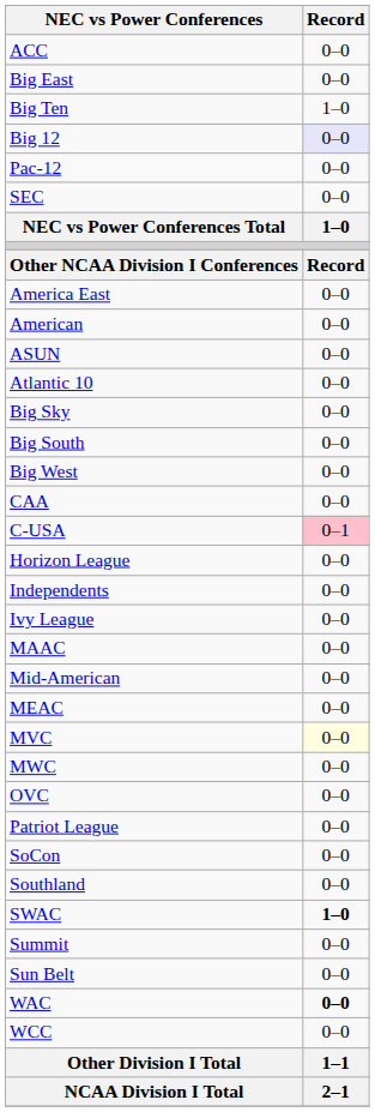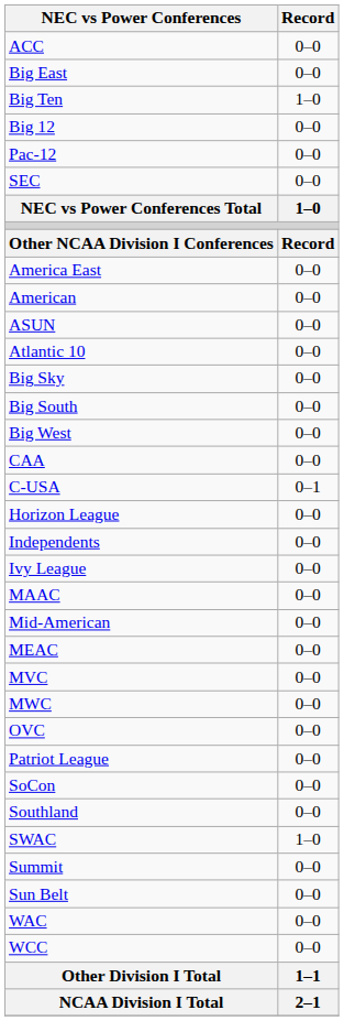 <table class="wikitable">
 <tr>
 <th>NEC vs Power Conferences</th>
 <th>Record</th>
 </tr>
 <tr>
 <td><a href='#'>ACC</a></td>
 <td align=center>0–0</td>
 </tr>
 <tr>
 <td><a href='#'>Big East</a></td>
 <td align=center>0–0</td>
 </tr>
 <tr>
 <td><a href='#'>Big Ten</a></td>
 <td align=center>1–0</td>
 </tr>
 <tr>
 <td><a href='#'>Big 12</a></td>
-<td align=center style="background: lavender;">0–0</td>
+<td align=center>0–0</td>
 </tr>
 <tr>
 <td><a href='#'>Pac-12</a></td>
 <td align=center>0–0</td>
 </tr>
 <tr>
 <td><a href='#'>SEC</a></td>
 <td align=center>0–0</td>
 </tr>
 <tr>
 <th>NEC vs Power Conferences Total</th>
 <th>1–0</th>
 </tr>
 <tr>
 <th colspan="2" style="background:lightgrey;"></th>
 </tr>
 <tr>
 <th>Other NCAA Division I Conferences</th>
 <th>Record</th>
 </tr>
 <tr>
 <td><a href='#'>America East</a></td>
 <td align=center>0–0</td>
 </tr>
 <tr>
 <td><a href='#'>American</a></td>
 <td align=center>0–0</td>
 </tr>
 <tr>
 <td><a href='#'>ASUN</a></td>
 <td align=center>0–0</td>
 </tr>
 <tr>
 <td><a href='#'>Atlantic 10</a></td>
 <td align=center>0–0</td>
 </tr>
 <tr>
 <td><a href='#'>Big Sky</a></td>
 <td align=center>0–0</td>
 </tr>
 <tr>
 <td><a href='#'>Big South</a></td>
 <td align=center>0–0</td>
 </tr>
 <tr>
 <td><a href='#'>Big West</a></td>
 <td align=center>0–0</td>
 </tr>
 <tr>
 <td><a href='#'>CAA</a></td>
 <td align=center>0–0</td>
 </tr>
 <tr>
 <td><a href='#'>C-USA</a></td>
-<td align=center style="background: pink;">0–1</td>
+<td align=center>0–1</td>
 </tr>
 <tr>
 <td><a href='#'>Horizon League</a></td>
 <td align=center>0–0</td>
 </tr>
 <tr>
 <td><a href='#'>Independents</a></td>
 <td align=center>0–0</td>
 </tr>
 <tr>
 <td><a href='#'>Ivy League</a></td>
 <td align=center>0–0</td>
 </tr>
 <tr>
 <td><a href='#'>MAAC</a></td>
 <td align=center>0–0</td>
 </tr>
 <tr>
 <td><a href='#'>Mid-American</a></td>
 <td align=center>0–0</td>
 </tr>
 <tr>
 <td><a href='#'>MEAC</a></td>
 <td align=center>0–0</td>
 </tr>
 <tr>
 <td><a href='#'>MVC</a></td>
-<td align=center style="background: lightyellow;">0–0</td>
+<td align=center>0–0</td>
 </tr>
 <tr>
 <td><a href='#'>MWC</a></td>
 <td align=center>0–0</td>
 </tr>
 <tr>
 <td><a href='#'>OVC</a></td>
 <td align=center>0–0</td>
 </tr>
 <tr>
 <td><a href='#'>Patriot League</a></td>
 <td align=center>0–0</td>
 </tr>
 <tr>
 <td><a href='#'>SoCon</a></td>
 <td align=center>0–0</td>
 </tr>
 <tr>
 <td><a href='#'>Southland</a></td>
 <td align=center>0–0</td>
 </tr>
 <tr>
 <td><a href='#'>SWAC</a></td>
-<td align=center><strong>1–0</strong></td>
+<td align=center>1–0</td>
 </tr>
 <tr>
 <td><a href='#'>Summit</a></td>
 <td align=center>0–0</td>
 </tr>
 <tr>
 <td><a href='#'>Sun Belt</a></td>
 <td align=center>0–0</td>
 </tr>
 <tr>
 <td><a href='#'>WAC</a></td>
-<td align=center><strong>0–0</strong></td>
+<td align=center>0–0</td>
 </tr>
 <tr>
 <td><a href='#'>WCC</a></td>
 <td align=center>0–0</td>
 </tr>
 <tr>
 <th>Other Division I Total</th>
 <th>1–1</th>
 </tr>
 <tr>
 <th>NCAA Division I Total</th>
 <th>2–1</th>
 </tr>
 <tr>
 </tr>
 </table>
